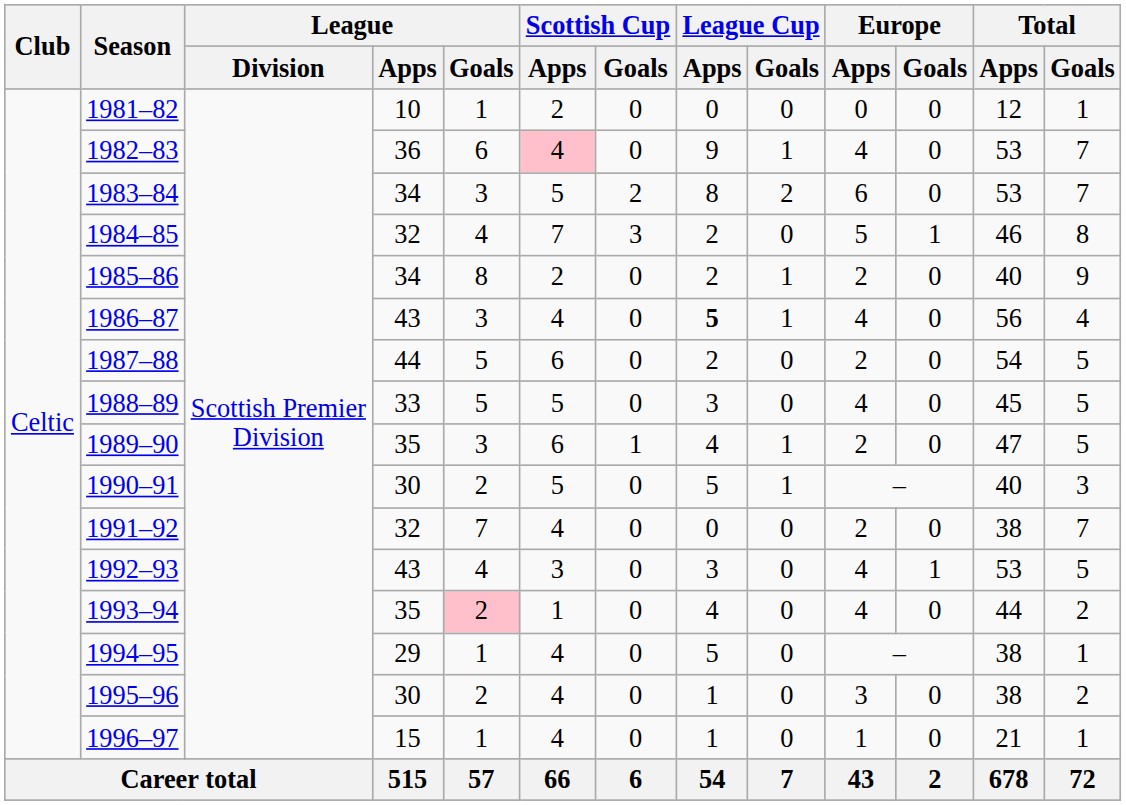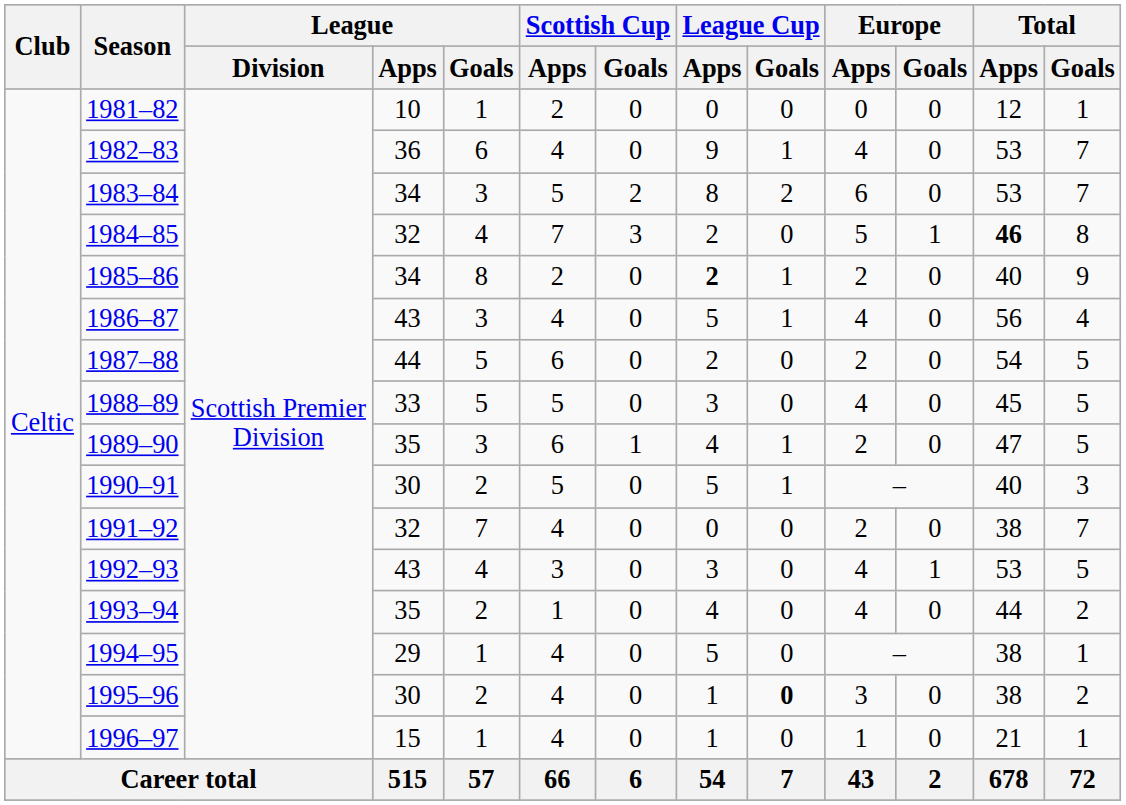 <table class="wikitable" style="text-align:center">
 <tr>
 <th rowspan="2">Club</th>
 <th rowspan="2">Season</th>
 <th colspan="3">League</th>
 <th colspan="2"><a href='#'>Scottish Cup</a></th>
 <th colspan="2"><a href='#'>League Cup</a></th>
 <th colspan="2">Europe</th>
 <th colspan="2">Total</th>
 </tr>
 <tr>
 <th>Division</th>
 <th>Apps</th>
 <th>Goals</th>
 <th>Apps</th>
 <th>Goals</th>
 <th>Apps</th>
 <th>Goals</th>
 <th>Apps</th>
 <th>Goals</th>
 <th>Apps</th>
 <th>Goals</th>
 </tr>
 <tr>
 <td rowspan="16"><a href='#'>Celtic</a></td>
 <td><a href='#'>1981–82</a></td>
 <td rowspan="16"><a href='#'>Scottish Premier<br>Division</a></td>
 <td>10</td>
 <td>1</td>
 <td>2</td>
 <td>0</td>
 <td>0</td>
 <td>0</td>
 <td>0</td>
 <td>0</td>
 <td>12</td>
 <td>1</td>
 </tr>
 <tr>
 <td><a href='#'>1982–83</a></td>
 <td>36</td>
 <td>6</td>
-<td style="background: pink;">4</td>
+<td>4</td>
 <td>0</td>
 <td>9</td>
 <td>1</td>
 <td>4</td>
 <td>0</td>
 <td>53</td>
 <td>7</td>
 </tr>
 <tr>
 <td><a href='#'>1983–84</a></td>
 <td>34</td>
 <td>3</td>
 <td>5</td>
 <td>2</td>
 <td>8</td>
 <td>2</td>
 <td>6</td>
 <td>0</td>
 <td>53</td>
 <td>7</td>
 </tr>
 <tr>
 <td><a href='#'>1984–85</a></td>
 <td>32</td>
 <td>4</td>
 <td>7</td>
 <td>3</td>
 <td>2</td>
 <td>0</td>
 <td>5</td>
 <td>1</td>
-<td>46</td>
+<td><strong>46</strong></td>
 <td>8</td>
 </tr>
 <tr>
 <td><a href='#'>1985–86</a></td>
 <td>34</td>
 <td>8</td>
 <td>2</td>
 <td>0</td>
-<td>2</td>
+<td><strong>2</strong></td>
 <td>1</td>
 <td>2</td>
 <td>0</td>
 <td>40</td>
 <td>9</td>
 </tr>
 <tr>
 <td><a href='#'>1986–87</a></td>
 <td>43</td>
 <td>3</td>
 <td>4</td>
 <td>0</td>
-<td><strong>5</strong></td>
+<td>5</td>
 <td>1</td>
 <td>4</td>
 <td>0</td>
 <td>56</td>
 <td>4</td>
 </tr>
 <tr>
 <td><a href='#'>1987–88</a></td>
 <td>44</td>
 <td>5</td>
 <td>6</td>
 <td>0</td>
 <td>2</td>
 <td>0</td>
 <td>2</td>
 <td>0</td>
 <td>54</td>
 <td>5</td>
 </tr>
 <tr>
 <td><a href='#'>1988–89</a></td>
 <td>33</td>
 <td>5</td>
 <td>5</td>
 <td>0</td>
 <td>3</td>
 <td>0</td>
 <td>4</td>
 <td>0</td>
 <td>45</td>
 <td>5</td>
 </tr>
 <tr>
 <td><a href='#'>1989–90</a></td>
 <td>35</td>
 <td>3</td>
 <td>6</td>
 <td>1</td>
 <td>4</td>
 <td>1</td>
 <td>2</td>
 <td>0</td>
 <td>47</td>
 <td>5</td>
 </tr>
 <tr>
 <td><a href='#'>1990–91</a></td>
 <td>30</td>
 <td>2</td>
 <td>5</td>
 <td>0</td>
 <td>5</td>
 <td>1</td>
 <td colspan="2">–</td>
 <td>40</td>
 <td>3</td>
 </tr>
 <tr>
 <td><a href='#'>1991–92</a></td>
 <td>32</td>
 <td>7</td>
 <td>4</td>
 <td>0</td>
 <td>0</td>
 <td>0</td>
 <td>2</td>
 <td>0</td>
 <td>38</td>
 <td>7</td>
 </tr>
 <tr>
 <td><a href='#'>1992–93</a></td>
 <td>43</td>
 <td>4</td>
 <td>3</td>
 <td>0</td>
 <td>3</td>
 <td>0</td>
 <td>4</td>
 <td>1</td>
 <td>53</td>
 <td>5</td>
 </tr>
 <tr>
 <td><a href='#'>1993–94</a></td>
 <td>35</td>
-<td style="background: pink;">2</td>
+<td>2</td>
 <td>1</td>
 <td>0</td>
 <td>4</td>
 <td>0</td>
 <td>4</td>
 <td>0</td>
 <td>44</td>
 <td>2</td>
 </tr>
 <tr>
 <td><a href='#'>1994–95</a></td>
 <td>29</td>
 <td>1</td>
 <td>4</td>
 <td>0</td>
 <td>5</td>
 <td>0</td>
 <td colspan="2">–</td>
 <td>38</td>
 <td>1</td>
 </tr>
 <tr>
 <td><a href='#'>1995–96</a></td>
 <td>30</td>
 <td>2</td>
 <td>4</td>
 <td>0</td>
 <td>1</td>
-<td>0</td>
+<td><strong>0</strong></td>
 <td>3</td>
 <td>0</td>
 <td>38</td>
 <td>2</td>
 </tr>
 <tr>
 <td><a href='#'>1996–97</a></td>
 <td>15</td>
 <td>1</td>
 <td>4</td>
 <td>0</td>
 <td>1</td>
 <td>0</td>
 <td>1</td>
 <td>0</td>
 <td>21</td>
 <td>1</td>
 </tr>
 <tr>
 <th colspan="3">Career total</th>
 <th>515</th>
 <th>57</th>
 <th>66</th>
 <th>6</th>
 <th>54</th>
 <th>7</th>
 <th>43</th>
 <th>2</th>
 <th>678</th>
 <th>72</th>
 </tr>
 </table>
